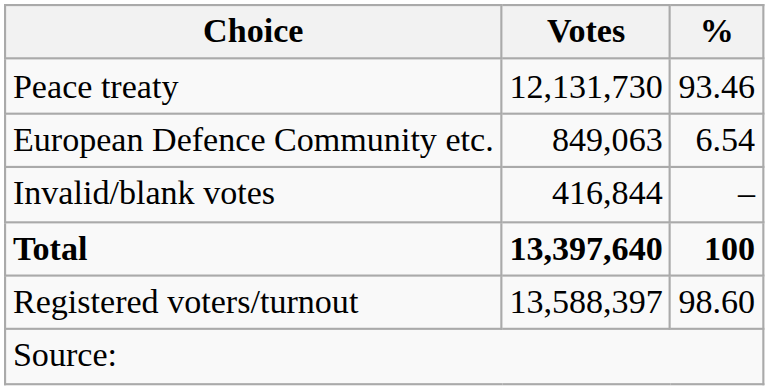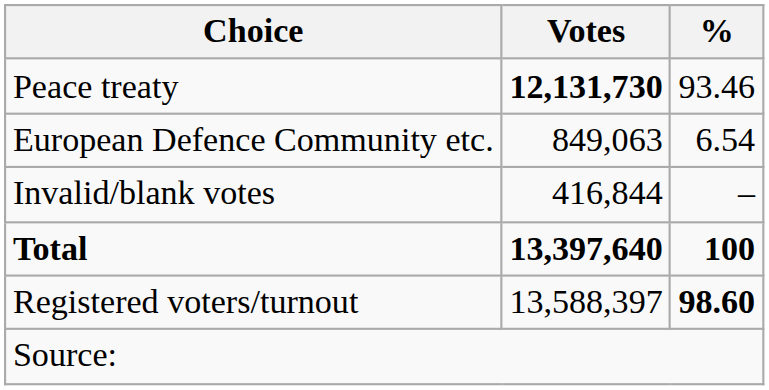 <table class=wikitable style=text-align:right>
 <tr>
 <th>Choice</th>
 <th>Votes</th>
 <th>%</th>
 </tr>
 <tr>
 <td align=left>Peace treaty</td>
-<td>12,131,730</td>
+<td><strong>12,131,730</strong></td>
 <td>93.46</td>
 </tr>
 <tr>
 <td align=left>European Defence Community etc.</td>
 <td>849,063</td>
 <td>6.54</td>
 </tr>
 <tr>
 <td align=left>Invalid/blank votes</td>
 <td>416,844</td>
 <td>–</td>
 </tr>
 <tr>
 <td align=left><strong>Total</strong></td>
 <td><strong>13,397,640</strong></td>
 <td><strong>100</strong></td>
 </tr>
 <tr>
 <td align=left>Registered voters/turnout</td>
 <td>13,588,397</td>
-<td>98.60</td>
+<td><strong>98.60</strong></td>
 </tr>
 <tr>
 <td align=left colspan=4>Source: </td>
 </tr>
 </table>
